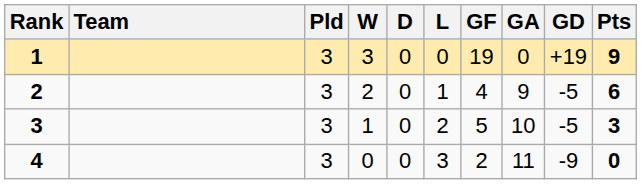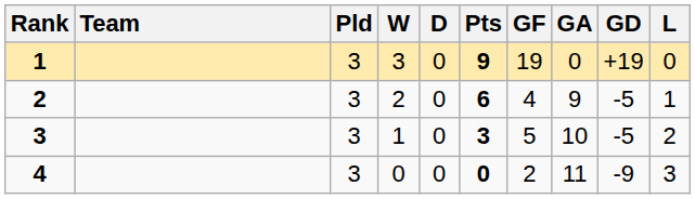 <table class="wikitable" style="text-align: center;">
 <tr>
 <th width=30>Rank</th>
 <th width=165 style="text-align:left;">Team</th>
 <th width=20>Pld</th>
 <th width=20>W</th>
 <th width=20>D</th>
-<th width=20>L</th>
+<th width=20>Pts</th>
 <th width=20>GF</th>
 <th width=20>GA</th>
 <th width=20>GD</th>
-<th width=20>Pts</th>
+<th width=20>L</th>
 </tr>
 <tr style="background:#ffebad;">
 <td><strong>1</strong></td>
 <td style="text-align:left;"></td>
 <td>3</td>
 <td>3</td>
 <td>0</td>
-<td>0</td>
+<td><strong>9</strong></td>
 <td>19</td>
 <td>0</td>
 <td>+19</td>
-<td><strong>9</strong></td>
+<td>0</td>
 </tr>
 <tr>
 <td><strong>2</strong></td>
 <td style="text-align:left;"></td>
 <td>3</td>
 <td>2</td>
 <td>0</td>
-<td>1</td>
+<td><strong>6</strong></td>
 <td>4</td>
 <td>9</td>
 <td>-5</td>
-<td><strong>6</strong></td>
+<td>1</td>
 </tr>
 <tr>
 <td><strong>3</strong></td>
 <td style="text-align:left;"></td>
 <td>3</td>
 <td>1</td>
 <td>0</td>
-<td>2</td>
+<td><strong>3</strong></td>
 <td>5</td>
 <td>10</td>
 <td>-5</td>
-<td><strong>3</strong></td>
+<td>2</td>
 </tr>
 <tr>
 <td><strong>4</strong></td>
 <td style="text-align:left;"></td>
 <td>3</td>
 <td>0</td>
 <td>0</td>
-<td>3</td>
+<td><strong>0</strong></td>
 <td>2</td>
 <td>11</td>
 <td>-9</td>
-<td><strong>0</strong></td>
+<td>3</td>
 </tr>
 </table>
